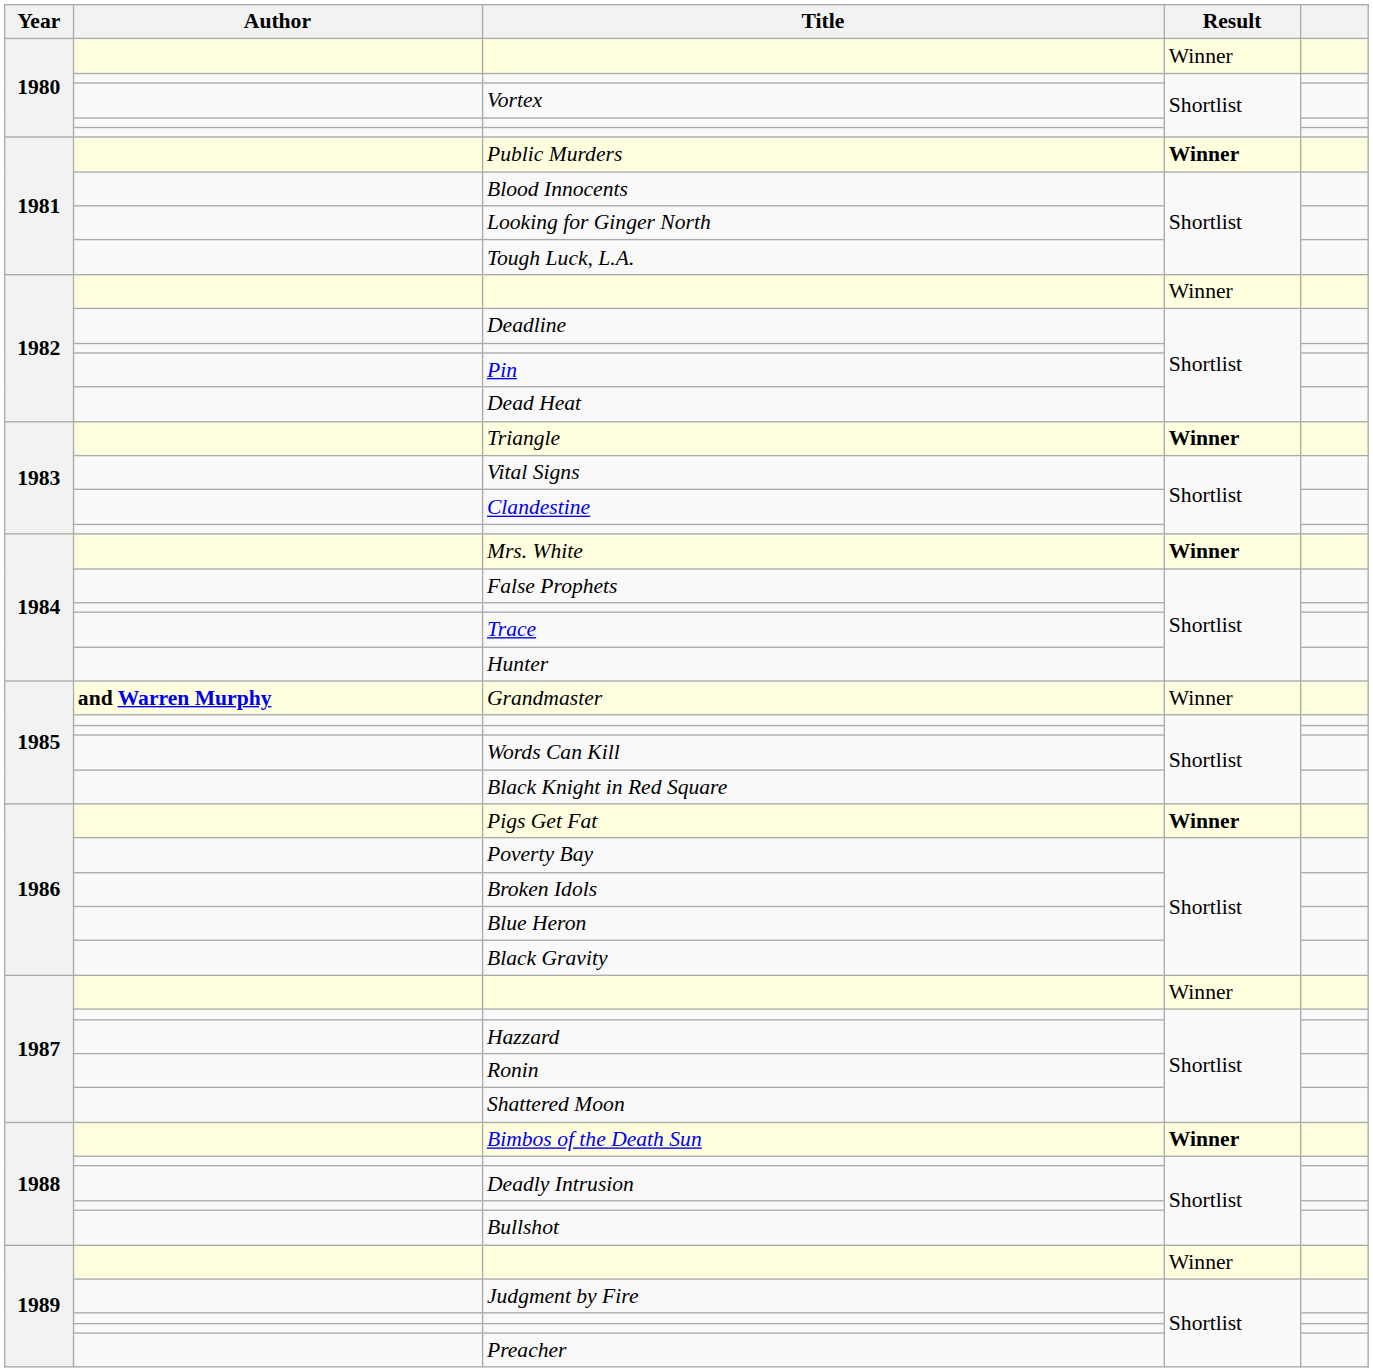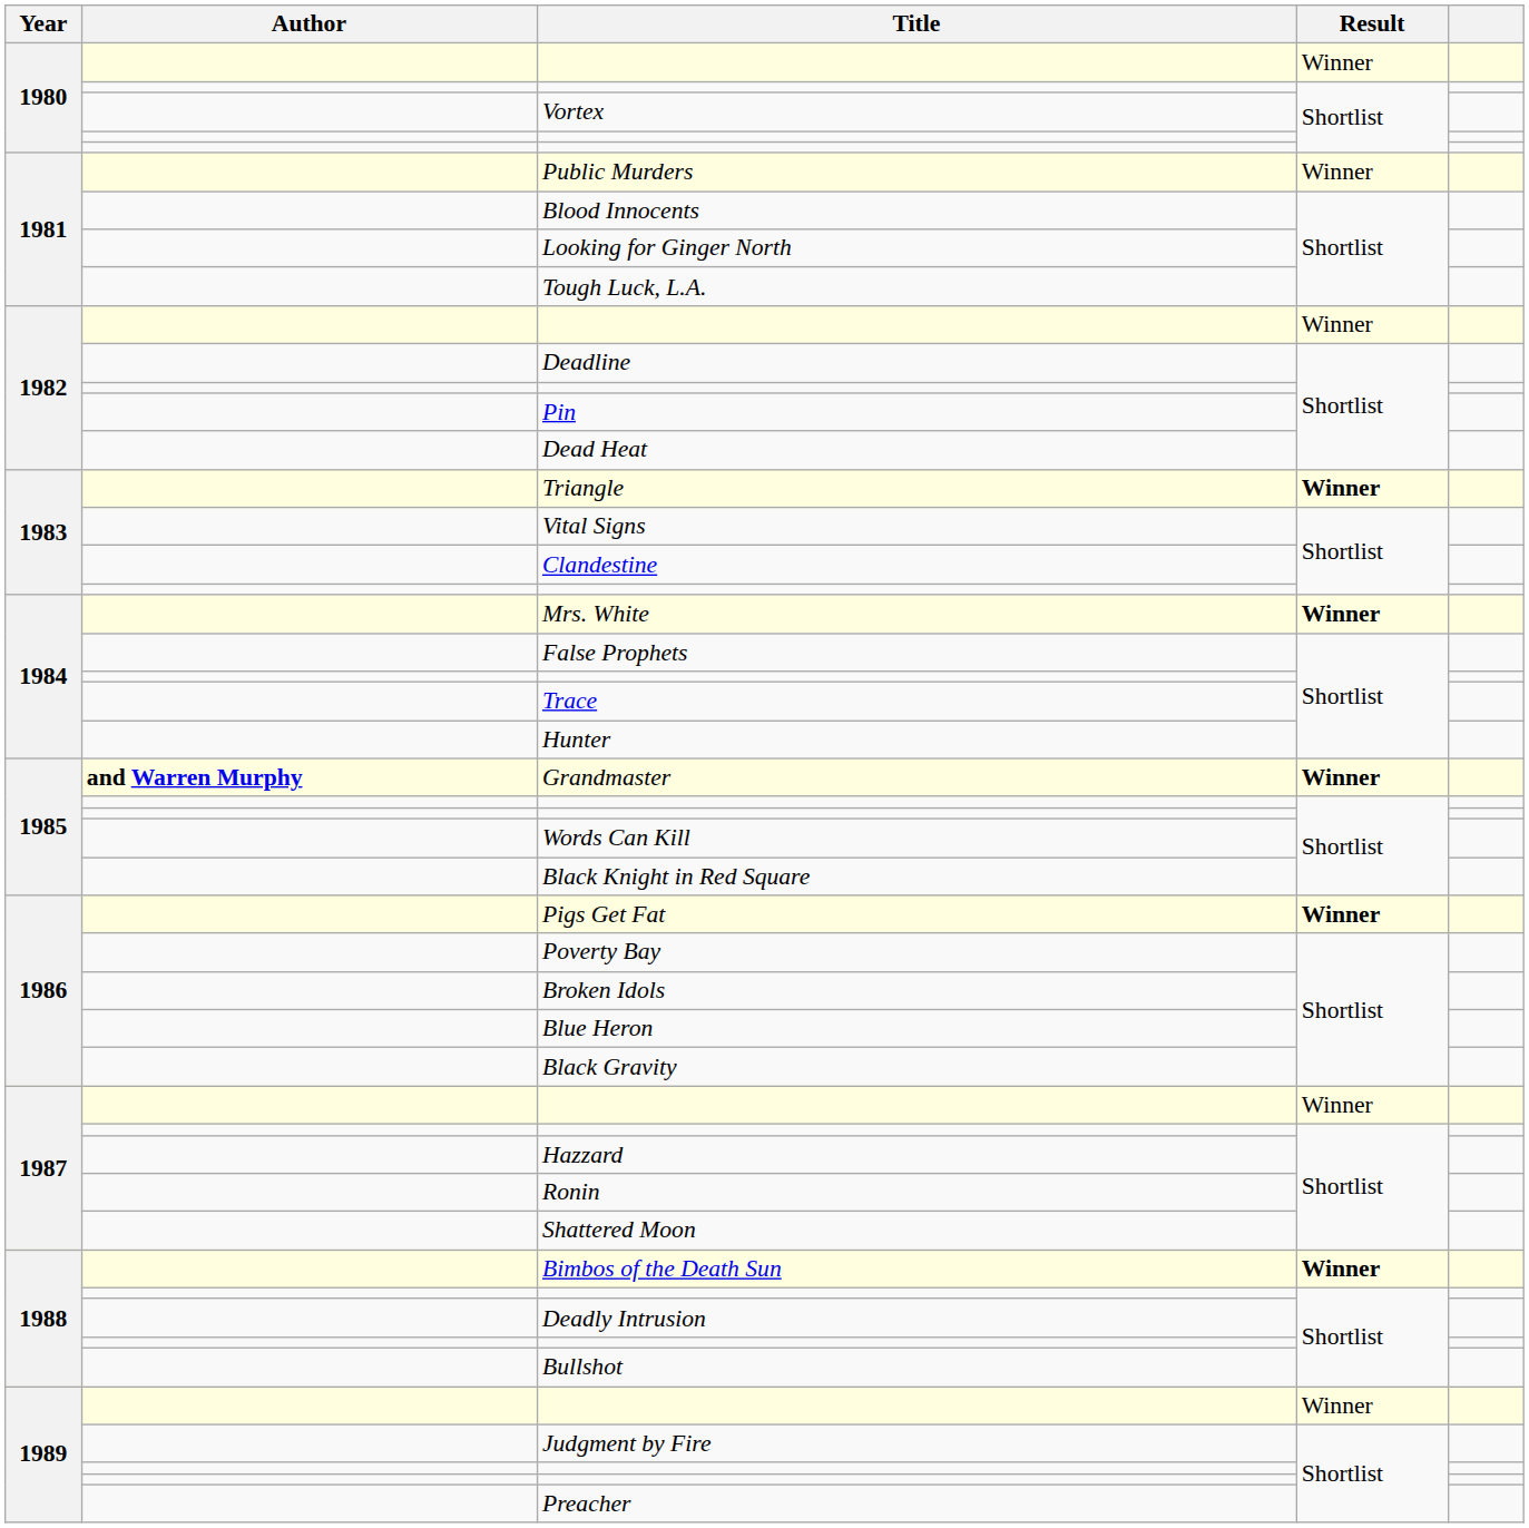 <table class="wikitable sortable mw-collapsible" style="width:80%">
 <tr>
 <th scope="col" width="5%">Year</th>
 <th scope="col" width="30%">Author</th>
 <th scope="col" width="50%">Title</th>
 <th scope="col" width="10%">Result</th>
 <th scope="col" width="5%"></th>
 </tr>
 <tr style="background:lightyellow;">
 <th rowspan="5">1980</th>
 <td></td>
 <td><em></em></td>
 <td>Winner</td>
 <td></td>
 </tr>
 <tr>
 <td></td>
 <td></td>
 <td rowspan="4">Shortlist</td>
 <td></td>
 </tr>
 <tr>
 <td></td>
 <td><em>Vortex</em></td>
 <td></td>
 </tr>
 <tr>
 <td></td>
 <td></td>
 <td></td>
 </tr>
 <tr>
 <td></td>
 <td></td>
 <td></td>
 </tr>
 <tr style="background:lightyellow;">
 <th rowspan="4">1981</th>
 <td></td>
 <td><em>Public Murders</em></td>
-<td><strong>Winner</strong></td>
+<td>Winner</td>
 <td></td>
 </tr>
 <tr>
 <td></td>
 <td><em>Blood Innocents</em></td>
 <td rowspan="3">Shortlist</td>
 <td></td>
 </tr>
 <tr>
 <td></td>
 <td><em>Looking for Ginger North</em></td>
 <td></td>
 </tr>
 <tr>
 <td></td>
 <td><em>Tough Luck, L.A.</em></td>
 <td></td>
 </tr>
 <tr style="background:lightyellow;">
 <th rowspan="5">1982</th>
 <td></td>
 <td><em></em></td>
 <td>Winner</td>
 <td></td>
 </tr>
 <tr>
 <td></td>
 <td><em>Deadline</em></td>
 <td rowspan="4">Shortlist</td>
 <td></td>
 </tr>
 <tr>
 <td></td>
 <td></td>
 <td></td>
 </tr>
 <tr>
 <td></td>
 <td><em><a href='#'>Pin</a></em></td>
 <td></td>
 </tr>
 <tr>
 <td></td>
 <td><em>Dead Heat</em></td>
 <td></td>
 </tr>
 <tr style="background:lightyellow;">
 <th rowspan="4">1983</th>
 <td></td>
 <td><em>Triangle</em></td>
 <td><strong>Winner</strong></td>
 <td></td>
 </tr>
 <tr>
 <td></td>
 <td><em>Vital Signs</em></td>
 <td rowspan="3">Shortlist</td>
 <td></td>
 </tr>
 <tr>
 <td></td>
 <td><em><a href='#'>Clandestine</a></em></td>
 <td></td>
 </tr>
 <tr>
 <td></td>
 <td></td>
 <td></td>
 </tr>
 <tr style="background:lightyellow;">
 <th rowspan="5">1984</th>
 <td></td>
 <td><em>Mrs. White</em></td>
 <td><strong>Winner</strong></td>
 <td></td>
 </tr>
 <tr>
 <td></td>
 <td><em>False Prophets</em></td>
 <td rowspan="4">Shortlist</td>
 <td></td>
 </tr>
 <tr>
 <td></td>
 <td></td>
 <td></td>
 </tr>
 <tr>
 <td></td>
 <td><em><a href='#'>Trace</a></em></td>
 <td></td>
 </tr>
 <tr>
 <td></td>
 <td><em>Hunter</em></td>
 <td></td>
 </tr>
 <tr style="background:lightyellow;">
 <th rowspan="5">1985</th>
 <td><strong> and <a href='#'>Warren Murphy</a></strong></td>
 <td><em>Grandmaster</em></td>
-<td>Winner</td>
+<td><strong>Winner</strong></td>
 <td></td>
 </tr>
 <tr>
 <td></td>
 <td></td>
 <td rowspan="4">Shortlist</td>
 <td></td>
 </tr>
 <tr>
 <td></td>
 <td></td>
 <td></td>
 </tr>
 <tr>
 <td></td>
 <td><em>Words Can Kill</em></td>
 <td></td>
 </tr>
 <tr>
 <td></td>
 <td><em>Black Knight in Red Square</em></td>
 <td></td>
 </tr>
 <tr style="background:lightyellow;">
 <th rowspan="5">1986</th>
 <td></td>
 <td><em>Pigs Get Fat</em></td>
 <td><strong>Winner</strong></td>
 <td></td>
 </tr>
 <tr>
 <td></td>
 <td><em>Poverty Bay</em></td>
 <td rowspan="4">Shortlist</td>
 <td></td>
 </tr>
 <tr>
 <td></td>
 <td><em>Broken Idols</em></td>
 <td></td>
 </tr>
 <tr>
 <td></td>
 <td><em>Blue Heron</em></td>
 <td></td>
 </tr>
 <tr>
 <td></td>
 <td><em>Black Gravity</em></td>
 <td></td>
 </tr>
 <tr style="background:lightyellow;">
 <th rowspan="5">1987</th>
 <td></td>
 <td><em></em></td>
 <td>Winner</td>
 <td></td>
 </tr>
 <tr>
 <td></td>
 <td></td>
 <td rowspan="4">Shortlist</td>
 <td></td>
 </tr>
 <tr>
 <td></td>
 <td><em>Hazzard</em></td>
 <td></td>
 </tr>
 <tr>
 <td></td>
 <td><em>Ronin</em></td>
 <td></td>
 </tr>
 <tr>
 <td></td>
 <td><em>Shattered Moon</em></td>
 <td></td>
 </tr>
 <tr style="background:lightyellow;">
 <th rowspan="5">1988</th>
 <td></td>
 <td><em><a href='#'>Bimbos of the Death Sun</a></em></td>
 <td><strong>Winner</strong></td>
 <td></td>
 </tr>
 <tr>
 <td></td>
 <td></td>
 <td rowspan="4">Shortlist</td>
 <td></td>
 </tr>
 <tr>
 <td></td>
 <td><em>Deadly Intrusion</em></td>
 <td></td>
 </tr>
 <tr>
 <td></td>
 <td></td>
 <td></td>
 </tr>
 <tr>
 <td></td>
 <td><em>Bullshot</em></td>
 <td></td>
 </tr>
 <tr style="background:lightyellow;">
 <th rowspan="5">1989</th>
 <td></td>
 <td><em></em></td>
 <td>Winner</td>
 <td></td>
 </tr>
 <tr>
 <td></td>
 <td><em>Judgment by Fire</em></td>
 <td rowspan="4">Shortlist</td>
 <td></td>
 </tr>
 <tr>
 <td></td>
 <td></td>
 <td></td>
 </tr>
 <tr>
 <td></td>
 <td></td>
 <td></td>
 </tr>
 <tr>
 <td></td>
 <td><em>Preacher</em></td>
 <td></td>
 </tr>
 </table>
